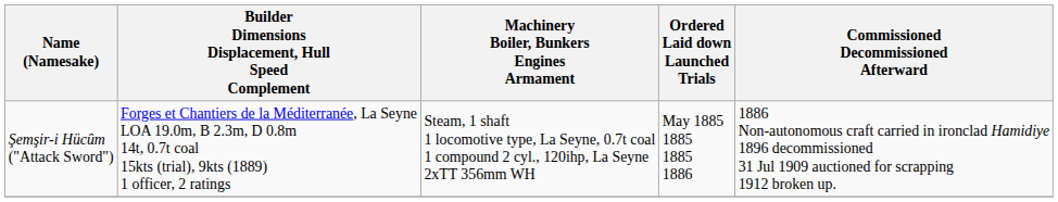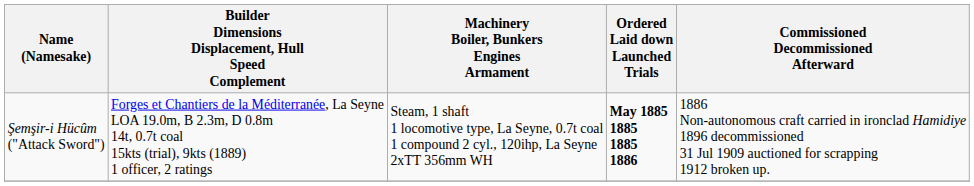 <table class="wikitable" style="font-size:90%;">
 <tr bgcolor="#e6e9ff">
 <th>Name<br>(Namesake)</th>
 <th>Builder<br>Dimensions<br>Displacement, Hull<br>Speed<br>Complement</th>
 <th>Machinery<br>Boiler, Bunkers<br>Engines<br>Armament</th>
 <th>Ordered<br>Laid down<br>Launched<br>Trials</th>
 <th>Commissioned<br>Decommissioned<br>Afterward</th>
 </tr>
 <tr ---->
 <td><em>Şemşir-i Hücûm</em><br>("Attack Sword")</td>
 <td> <a href='#'>Forges et Chantiers de la Méditerranée</a>, La Seyne<br>LOA 19.0m, B 2.3m, D 0.8m<br>14t, 0.7t coal<br>15kts (trial), 9kts (1889)<br>1 officer, 2 ratings</td>
 <td>Steam, 1 shaft<br>1 locomotive type, La Seyne, 0.7t coal<br>1 compound 2 cyl., 120ihp, La Seyne<br>2xTT 356mm WH</td>
-<td>May 1885<br>1885<br>1885<br>1886</td>
+<td><strong>May 1885<br>1885<br>1885<br>1886</strong></td>
 <td>1886<br>Non-autonomous craft carried in ironclad <em>Hamidiye</em><br>1896 decommissioned<br>31 Jul 1909 auctioned for scrapping<br>1912 broken up.</td>
 </tr>
 <tr ---->
 </tr>
 </table>
